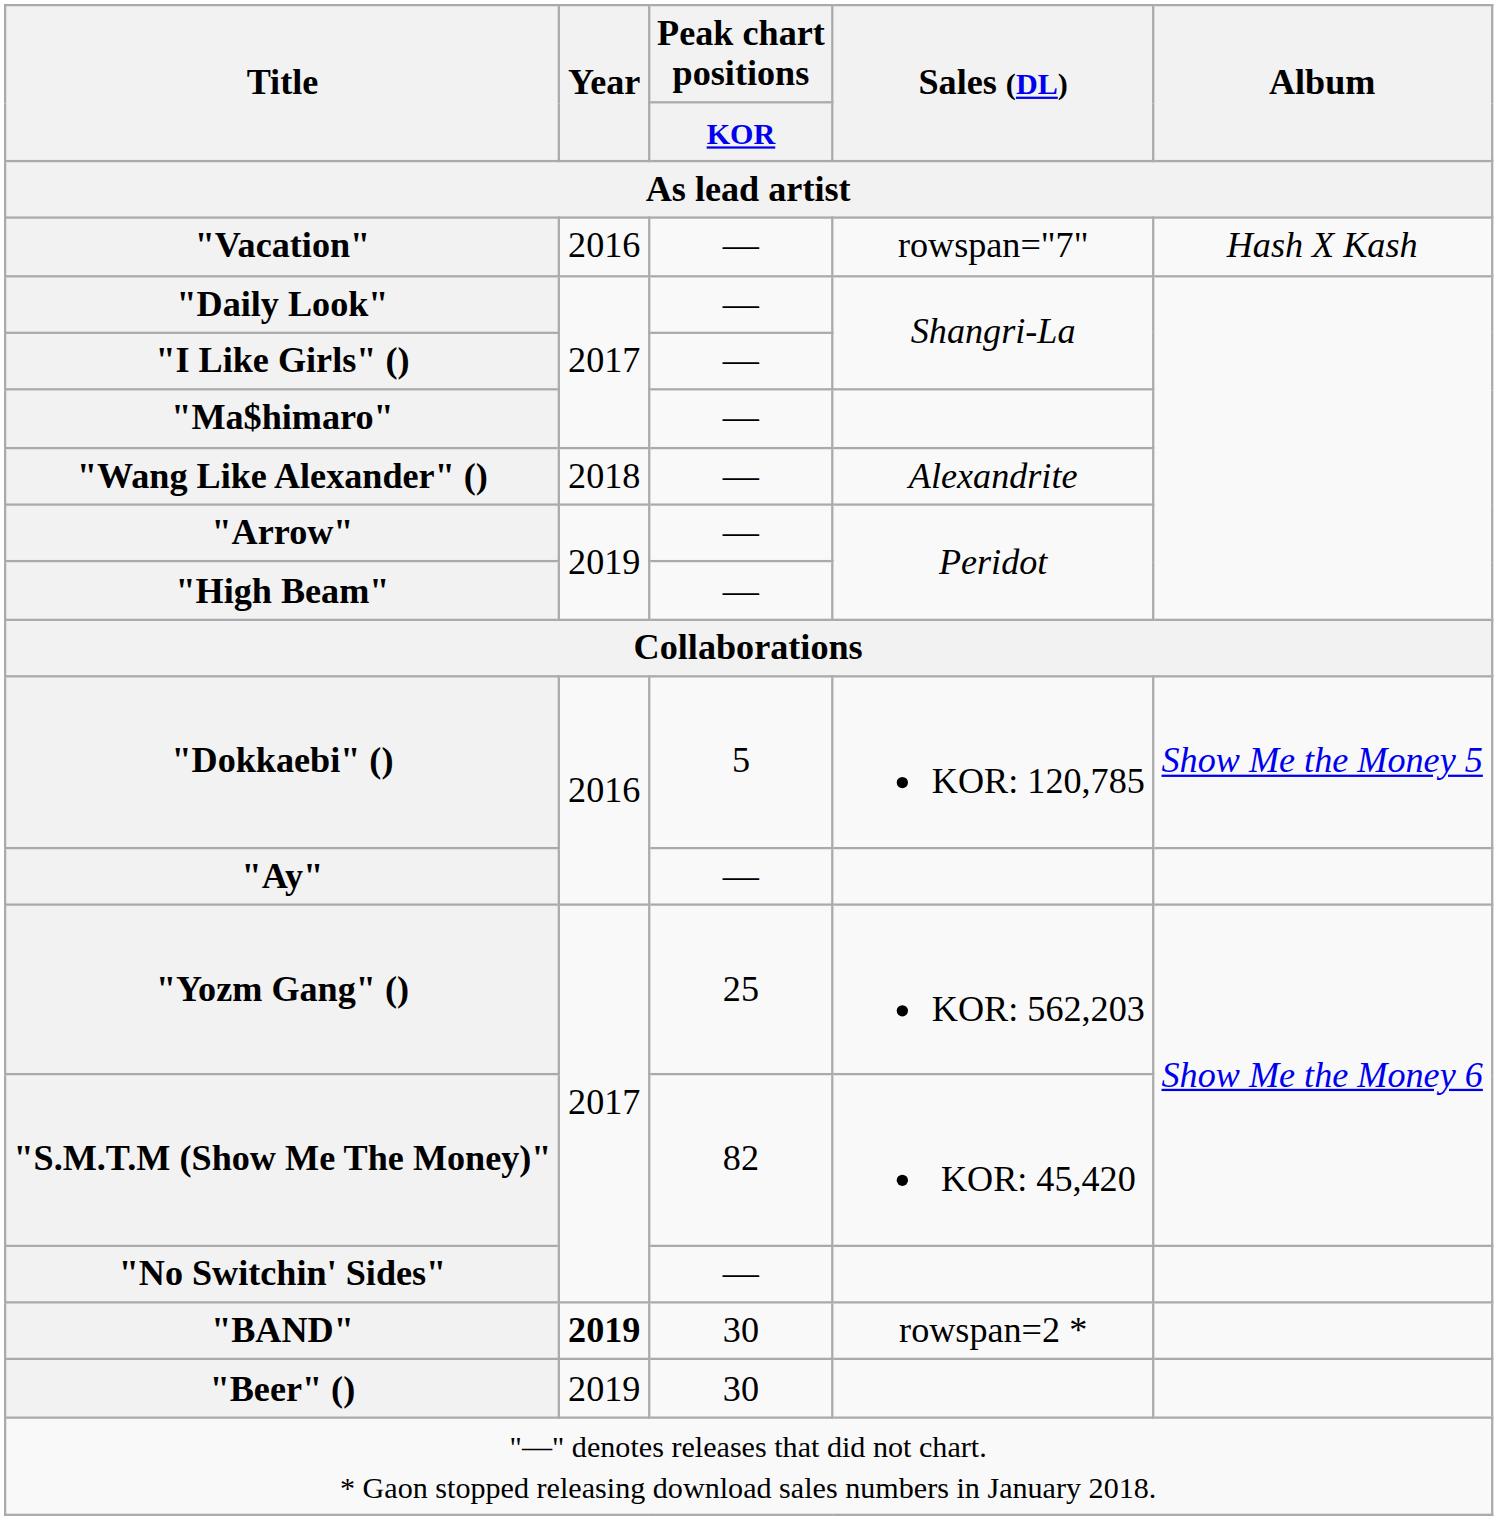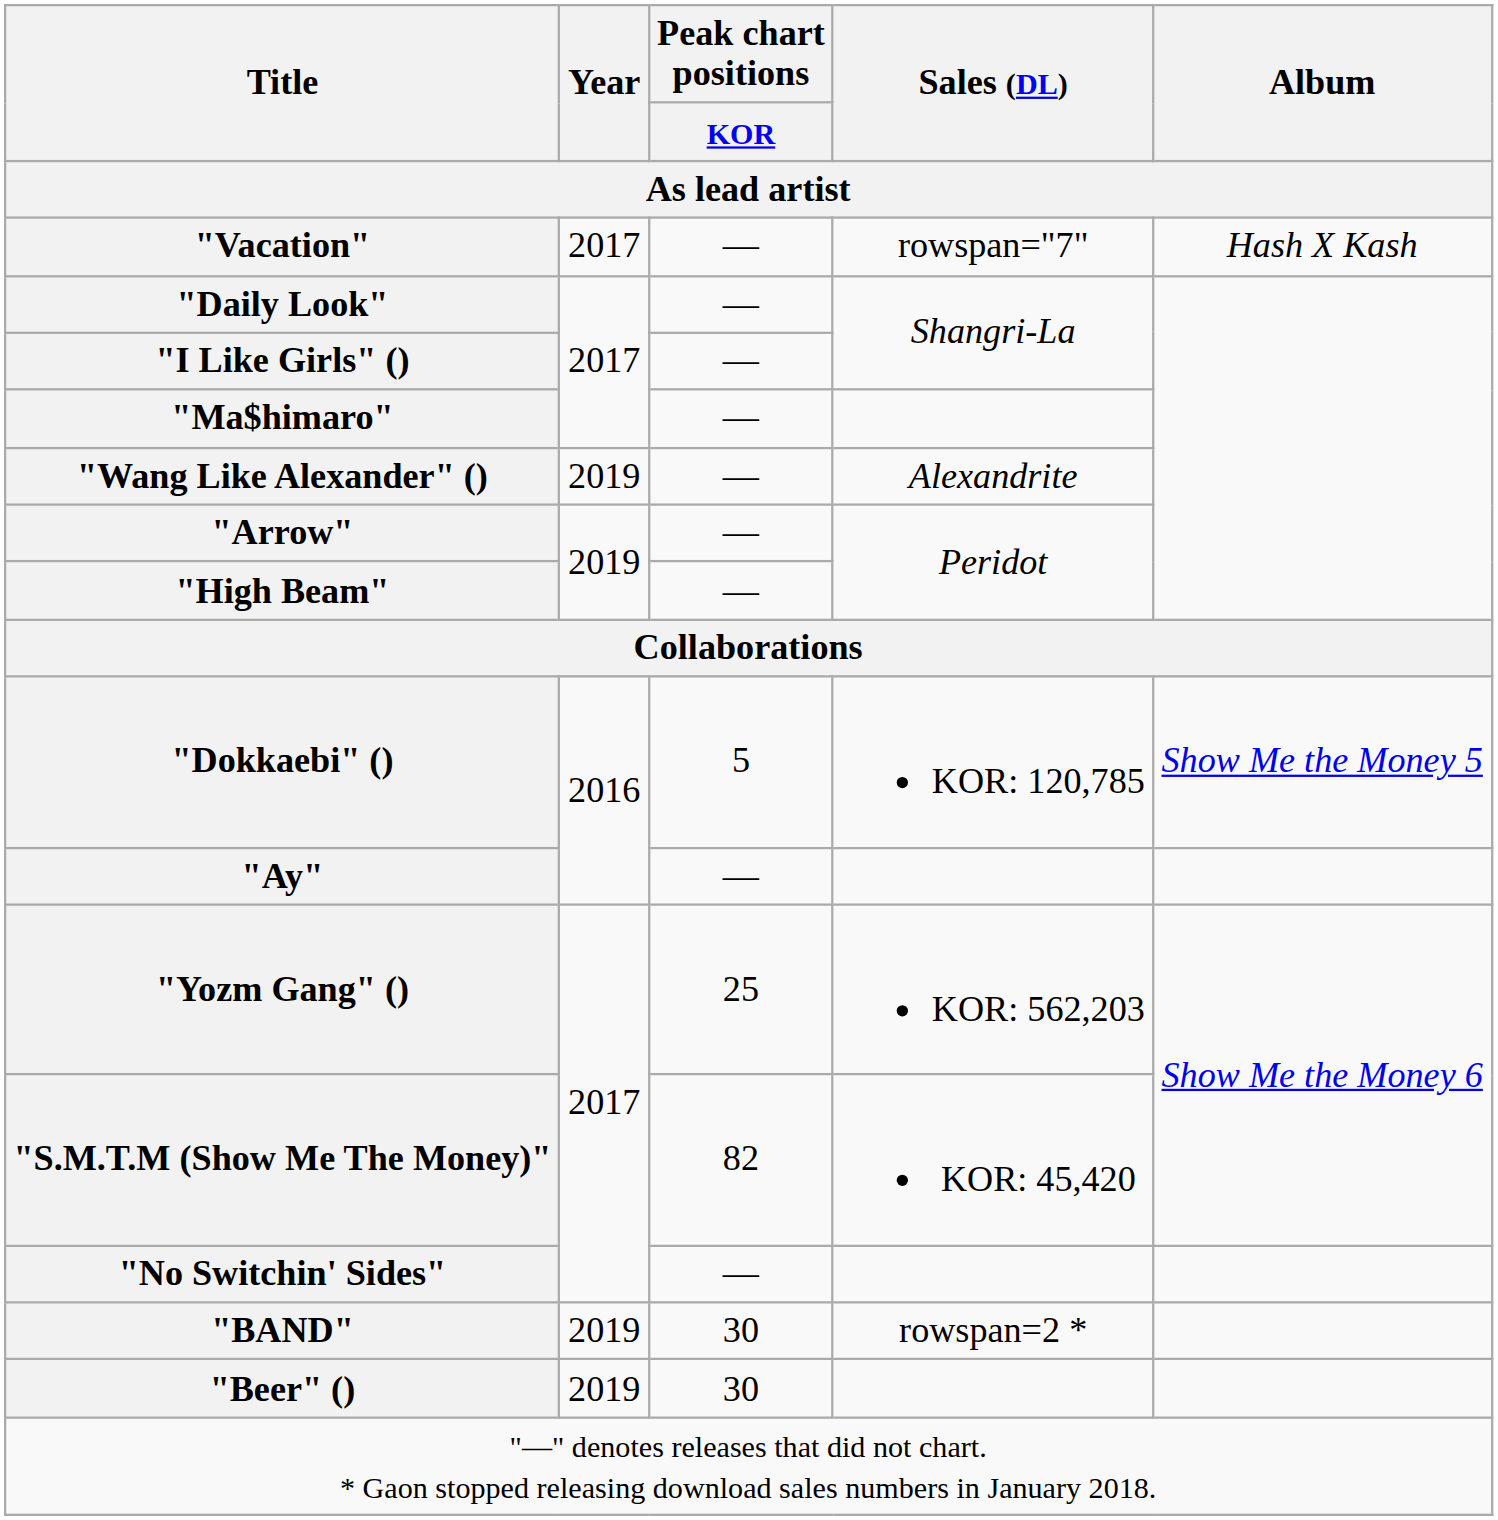 <table class="wikitable plainrowheaders" style="text-align:center;">
 <tr>
 <th scope="col" rowspan="2">Title</th>
 <th scope="col" rowspan="2">Year</th>
 <th scope="col" colspan="1">Peak chart <br> positions</th>
 <th scope="col" rowspan="2">Sales <small>(<a href='#'>DL</a>)</small></th>
 <th scope="col" rowspan="2">Album</th>
 </tr>
 <tr>
 <th><small><a href='#'>KOR</a></small><br></th>
 </tr>
 <tr>
 <th scope="col" colspan="5">As lead artist</th>
 </tr>
 <tr>
 <th scope="row">"Vacation"</th>
-<td>2016</td>
+<td>2017</td>
 <td>—</td>
 <td>rowspan="7" </td>
 <td><em>Hash X Kash</em></td>
 </tr>
 <tr>
 <th scope="row">"Daily Look"<br></th>
 <td rowspan="3">2017</td>
 <td>—</td>
 <td rowspan="2"><em>Shangri-La</em></td>
 </tr>
 <tr>
 <th scope="row">"I Like Girls" ()<br></th>
 <td>—</td>
 </tr>
 <tr>
 <th scope="row">"Ma$himaro"</th>
 <td>—</td>
 <td></td>
 </tr>
 <tr>
 <th scope="row">"Wang Like Alexander" ()</th>
-<td>2018</td>
+<td>2019</td>
 <td>—</td>
 <td><em>Alexandrite</em></td>
 </tr>
 <tr>
 <th scope="row">"Arrow" <br></th>
 <td rowspan=2>2019</td>
 <td>—</td>
 <td rowspan=2><em>Peridot</em></td>
 </tr>
 <tr>
 <th scope="row">"High Beam" <br></th>
 <td>—</td>
 </tr>
 <tr>
 <th scope="col" colspan="5">Collaborations</th>
 </tr>
 <tr>
 <th scope="row">"Dokkaebi" ()<br></th>
 <td rowspan="2">2016</td>
 <td>5</td>
 <td><br><ul><li>KOR: 120,785</li></ul></td>
 <td><em><a href='#'>Show Me the Money 5</a></em></td>
 </tr>
 <tr>
 <th scope="row">"Ay"<br></th>
 <td>—</td>
 <td></td>
 <td></td>
 </tr>
 <tr>
 <th scope="row">"Yozm Gang" ()<br></th>
 <td rowspan="3">2017</td>
 <td>25</td>
 <td><br><ul><li>KOR: 562,203</li></ul></td>
 <td rowspan="2"><em><a href='#'>Show Me the Money 6</a></em></td>
 </tr>
 <tr>
 <th scope="row">"S.M.T.M (Show Me The Money)"<br></th>
 <td>82</td>
 <td><br><ul><li>KOR: 45,420</li></ul></td>
 </tr>
 <tr>
 <th scope="row">"No Switchin' Sides"<br></th>
 <td>—</td>
 <td></td>
 <td></td>
 </tr>
 <tr>
 <th scope="row">"BAND"<br></th>
-<td><strong>2019</strong></td>
+<td>2019</td>
 <td>30</td>
 <td>rowspan=2 *</td>
 <td></td>
 </tr>
 <tr>
 <th scope="row">"Beer" ()<br></th>
 <td>2019</td>
 <td>30</td>
 <td></td>
 </tr>
 <tr>
 <td colspan="5" align="center"><small>"—" denotes releases that did not chart. <br> * Gaon stopped releasing download sales numbers in January 2018.</small></td>
 </tr>
 </table>
